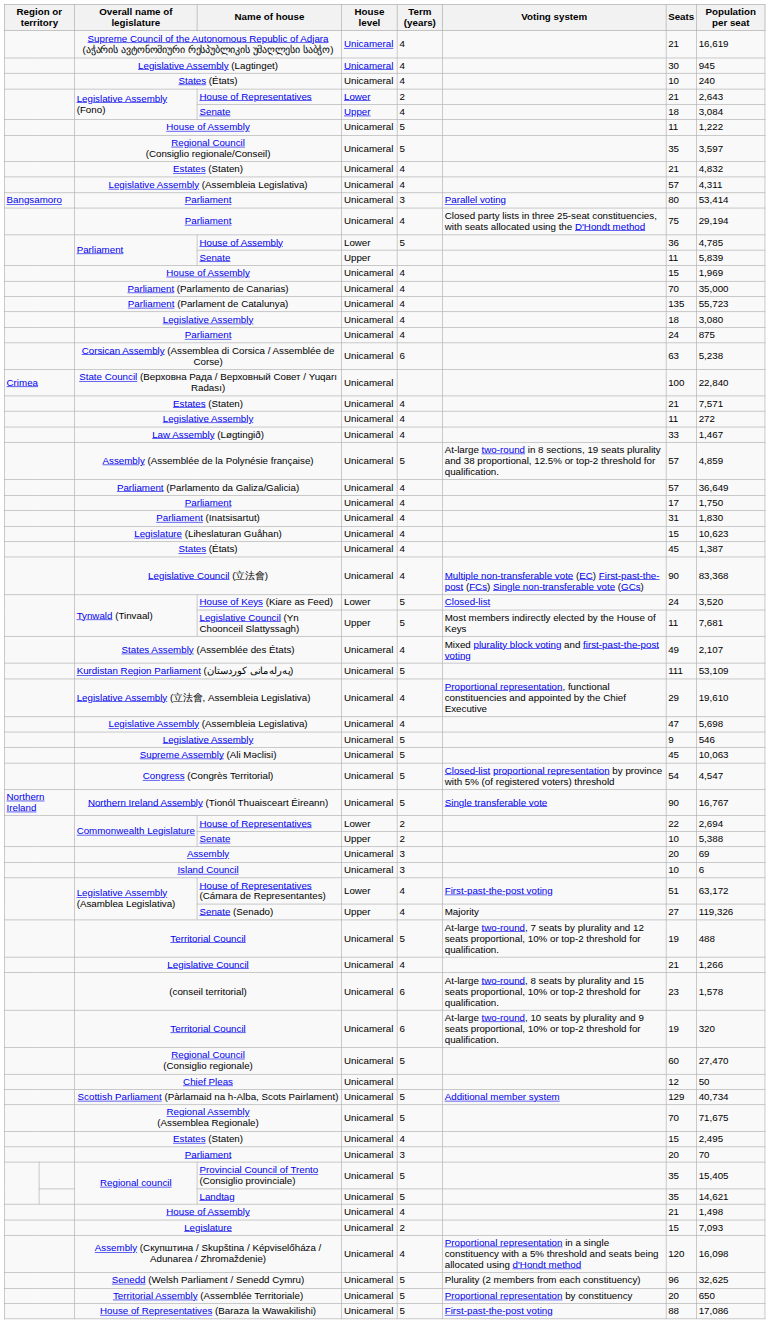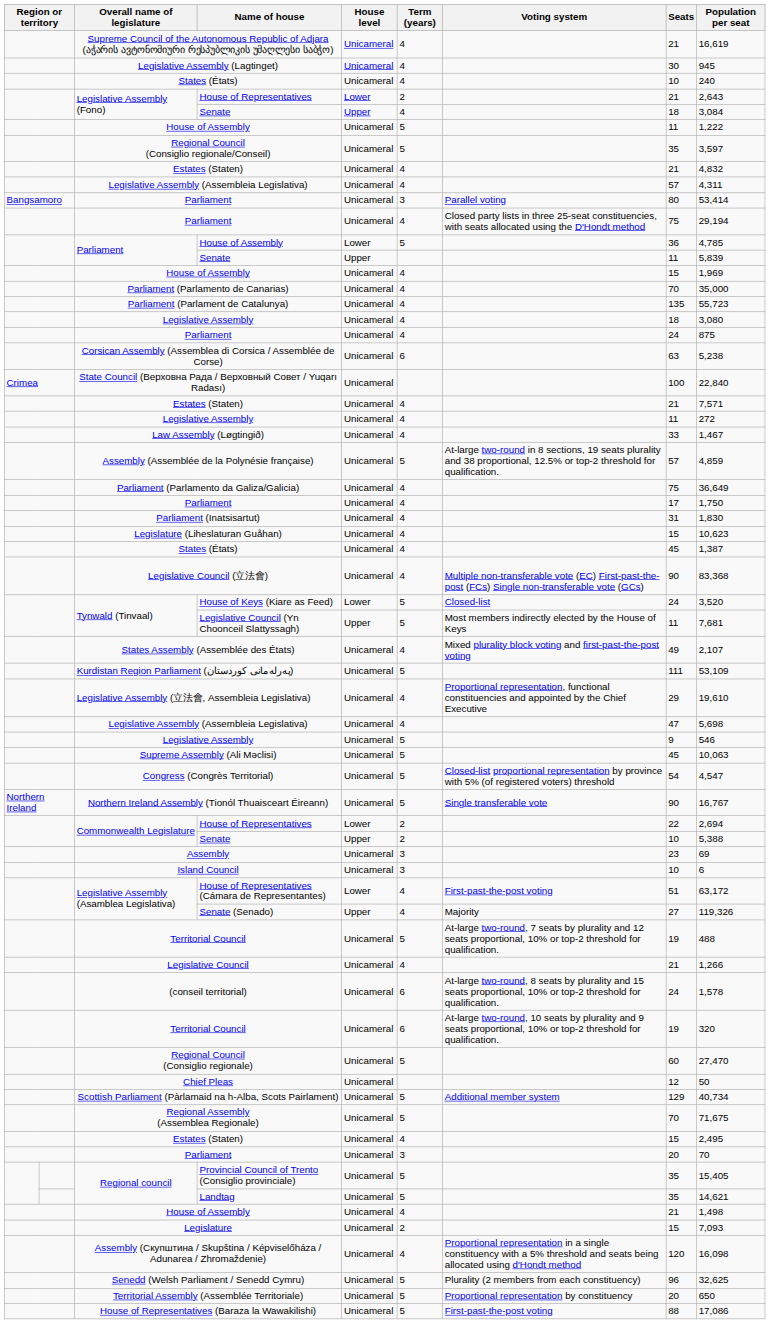 <table class="wikitable sortable sticky-header">
 <tr bgcolor="#cccccc">
 <th colspan="2">Region or territory</th>
 <th>Overall name of legislature</th>
 <th>Name of house</th>
 <th>House level</th>
 <th>Term (years)</th>
 <th>Voting system</th>
 <th>Seats</th>
 <th>Population per seat</th>
 </tr>
 <tr>
 <td colspan="2"></td>
 <td colspan="2" align="center"><a href='#'>Supreme Council of the Autonomous Republic of Adjara</a> (აჭარის ავტონომიური რესპუბლიკის უმაღლესი საბჭო)</td>
 <td><a href='#'>Unicameral</a></td>
 <td>4</td>
 <td></td>
 <td>21</td>
 <td>16,619</td>
 </tr>
 <tr>
 <td colspan="2"></td>
 <td colspan="2" align="center"><a href='#'>Legislative Assembly</a> (Lagtinget)</td>
 <td><a href='#'>Unicameral</a></td>
 <td>4</td>
 <td></td>
 <td>30</td>
 <td>945</td>
 </tr>
 <tr>
 <td colspan="2"></td>
 <td colspan="2" align="center"><a href='#'>States</a> (États)</td>
 <td>Unicameral</td>
 <td>4</td>
 <td></td>
 <td>10</td>
 <td>240</td>
 </tr>
 <tr>
 <td colspan="2" rowspan="2"></td>
 <td rowspan=2><a href='#'>Legislative Assembly</a> (Fono)</td>
 <td><a href='#'>House of Representatives</a></td>
 <td><a href='#'>Lower</a></td>
 <td>2</td>
 <td></td>
 <td>21</td>
 <td>2,643</td>
 </tr>
 <tr>
 <td><a href='#'>Senate</a></td>
 <td><a href='#'>Upper</a></td>
 <td>4</td>
 <td></td>
 <td>18</td>
 <td>3,084</td>
 </tr>
 <tr>
 <td colspan="2"></td>
 <td colspan="2" align="center"><a href='#'>House of Assembly</a></td>
 <td>Unicameral</td>
 <td>5</td>
 <td></td>
 <td>11</td>
 <td>1,222</td>
 </tr>
 <tr>
 <td colspan="2"></td>
 <td colspan="2" align="center"><a href='#'>Regional Council</a><br>(Consiglio regionale/Conseil)</td>
 <td>Unicameral</td>
 <td>5</td>
 <td></td>
 <td>35</td>
 <td>3,597</td>
 </tr>
 <tr>
 <td colspan="2"></td>
 <td colspan="2" align="center"><a href='#'>Estates</a> (Staten)</td>
 <td>Unicameral</td>
 <td>4</td>
 <td></td>
 <td>21</td>
 <td>4,832</td>
 </tr>
 <tr>
 <td colspan="2"></td>
 <td colspan="2" align="center"><a href='#'>Legislative Assembly</a> (Assembleia Legislativa)</td>
 <td>Unicameral</td>
 <td>4</td>
 <td></td>
 <td>57</td>
 <td>4,311</td>
 </tr>
 <tr>
 <td colspan="2"> <a href='#'>Bangsamoro</a></td>
 <td colspan="2" align="center"><a href='#'>Parliament</a></td>
 <td>Unicameral</td>
 <td>3</td>
 <td><a href='#'>Parallel voting</a></td>
 <td>80</td>
 <td>53,414</td>
 </tr>
 <tr>
 <td colspan="2"></td>
 <td colspan="2" align="center"><a href='#'>Parliament</a></td>
 <td>Unicameral</td>
 <td>4</td>
 <td>Closed party lists in three 25-seat constituencies, with seats allocated using the <a href='#'>D'Hondt method</a></td>
 <td>75</td>
 <td>29,194</td>
 </tr>
 <tr>
 <td colspan="2" rowspan="2"></td>
 <td rowspan=2><a href='#'>Parliament</a></td>
 <td><a href='#'>House of Assembly</a></td>
 <td>Lower</td>
 <td>5</td>
 <td></td>
 <td>36</td>
 <td>4,785</td>
 </tr>
 <tr>
 <td><a href='#'>Senate</a></td>
 <td>Upper</td>
 <td></td>
 <td></td>
 <td>11</td>
 <td>5,839</td>
 </tr>
 <tr>
 <td colspan="2"></td>
 <td colspan="2" align="center"><a href='#'>House of Assembly</a></td>
 <td>Unicameral</td>
 <td>4</td>
 <td></td>
 <td>15</td>
 <td>1,969</td>
 </tr>
 <tr>
 <td colspan="2"></td>
 <td colspan="2" align="center"><a href='#'>Parliament</a> (Parlamento de Canarias)</td>
 <td>Unicameral</td>
 <td>4</td>
 <td></td>
 <td>70</td>
 <td>35,000</td>
 </tr>
 <tr>
 <td colspan="2"></td>
 <td colspan="2" align="center"><a href='#'>Parliament</a> (Parlament de Catalunya)</td>
 <td>Unicameral</td>
 <td>4</td>
 <td></td>
 <td>135</td>
 <td>55,723</td>
 </tr>
 <tr>
 <td colspan="2"></td>
 <td colspan="2" align="center"><a href='#'>Legislative Assembly</a></td>
 <td>Unicameral</td>
 <td>4</td>
 <td></td>
 <td>18</td>
 <td>3,080</td>
 </tr>
 <tr>
 <td colspan="2"></td>
 <td colspan="2" align="center"><a href='#'>Parliament</a></td>
 <td>Unicameral</td>
 <td>4</td>
 <td></td>
 <td>24</td>
 <td>875</td>
 </tr>
 <tr>
 <td colspan="2"></td>
 <td colspan="2" align="center"><a href='#'>Corsican Assembly</a> (Assemblea di Corsica / Assemblée de Corse)</td>
 <td>Unicameral</td>
 <td>6</td>
 <td></td>
 <td>63</td>
 <td>5,238</td>
 </tr>
 <tr>
 <td colspan="2"> <a href='#'>Crimea</a></td>
 <td colspan="2" align="center"><a href='#'>State Council</a> (Верховна Рада / Верховный Совет / Yuqarı Radası)</td>
 <td>Unicameral</td>
 <td></td>
 <td></td>
 <td>100</td>
 <td>22,840</td>
 </tr>
 <tr>
 <td colspan="2"></td>
 <td colspan="2" align="center"><a href='#'>Estates</a> (Staten)</td>
 <td>Unicameral</td>
 <td>4</td>
 <td></td>
 <td>21</td>
 <td>7,571</td>
 </tr>
 <tr>
 <td colspan="2"></td>
 <td colspan="2" align="center"><a href='#'>Legislative Assembly</a></td>
 <td>Unicameral</td>
 <td>4</td>
 <td></td>
 <td>11</td>
 <td>272</td>
 </tr>
 <tr>
 <td colspan="2"></td>
 <td colspan="2" align="center"><a href='#'>Law Assembly</a> (Løgtingið)</td>
 <td>Unicameral</td>
 <td>4</td>
 <td></td>
 <td>33</td>
 <td>1,467</td>
 </tr>
 <tr>
 <td colspan="2"></td>
 <td colspan="2" align="center"><a href='#'>Assembly</a> (Assemblée de la Polynésie française)</td>
 <td>Unicameral</td>
 <td>5</td>
 <td>At-large <a href='#'>two-round</a> in 8 sections, 19 seats plurality and 38 proportional, 12.5% or top-2 threshold for qualification.</td>
 <td>57</td>
 <td>4,859</td>
 </tr>
 <tr>
 <td colspan="2"></td>
 <td colspan="2" align="center"><a href='#'>Parliament</a> (Parlamento da Galiza/Galicia)</td>
 <td>Unicameral</td>
 <td>4</td>
 <td></td>
-<td>57</td>
+<td>75</td>
 <td>36,649</td>
 </tr>
 <tr>
 <td colspan="2"></td>
 <td colspan="2" align="center"><a href='#'>Parliament</a></td>
 <td>Unicameral</td>
 <td>4</td>
 <td></td>
 <td>17</td>
 <td>1,750</td>
 </tr>
 <tr>
 <td colspan="2"></td>
 <td colspan="2" align="center"><a href='#'>Parliament</a> (Inatsisartut)</td>
 <td>Unicameral</td>
 <td>4</td>
 <td></td>
 <td>31</td>
 <td>1,830</td>
 </tr>
 <tr>
 <td colspan="2"></td>
 <td colspan="2" align="center"><a href='#'>Legislature</a> (Liheslaturan Guåhan)</td>
 <td>Unicameral</td>
 <td>4</td>
 <td></td>
 <td>15</td>
 <td>10,623</td>
 </tr>
 <tr>
 <td colspan="2"></td>
 <td colspan="2" align="center"><a href='#'>States</a> (États)</td>
 <td>Unicameral</td>
 <td>4</td>
 <td></td>
 <td>45</td>
 <td>1,387</td>
 </tr>
 <tr>
 <td colspan="2"></td>
 <td colspan="2" align="center"><a href='#'>Legislative Council</a> (立法會)</td>
 <td>Unicameral</td>
 <td>4</td>
 <td><br><a href='#'>Multiple non-transferable vote</a> (<a href='#'>EC</a>) <a href='#'>First-past-the-post</a> (<a href='#'>FCs</a>) <a href='#'>Single non-transferable vote</a> (<a href='#'>GCs</a>)</td>
 <td>90</td>
 <td>83,368</td>
 </tr>
 <tr>
 <td colspan="2" rowspan="2"></td>
 <td rowspan="2"><a href='#'>Tynwald</a> (Tinvaal)</td>
 <td><a href='#'>House of Keys</a> (Kiare as Feed)</td>
 <td>Lower</td>
 <td>5</td>
 <td><a href='#'>Closed-list</a></td>
 <td>24</td>
 <td>3,520</td>
 </tr>
 <tr>
 <td><a href='#'>Legislative Council</a> (Yn Choonceil Slattyssagh)</td>
 <td>Upper</td>
 <td>5</td>
 <td>Most members indirectly elected by the House of Keys</td>
 <td>11</td>
 <td>7,681</td>
 </tr>
 <tr>
 <td colspan="2"></td>
 <td colspan="2" align="center"><a href='#'>States Assembly</a> (Assemblée des États)</td>
 <td>Unicameral</td>
 <td>4</td>
 <td>Mixed <a href='#'>plurality block voting</a> and <a href='#'>first-past-the-post voting</a></td>
 <td>49</td>
 <td>2,107</td>
 </tr>
 <tr>
 <td colspan="2"></td>
 <td colspan="2"><a href='#'>Kurdistan Region Parliament</a> (پەرلەمانی کوردستان)</td>
 <td>Unicameral</td>
 <td>5</td>
 <td></td>
 <td>111</td>
 <td>53,109</td>
 </tr>
 <tr>
 <td colspan="2"></td>
 <td colspan="2"><a href='#'>Legislative Assembly</a> (立法會, Assembleia Legislativa)</td>
 <td>Unicameral</td>
 <td>4</td>
 <td><a href='#'>Proportional representation</a>, functional constituencies and appointed by the Chief Executive</td>
 <td>29</td>
 <td>19,610</td>
 </tr>
 <tr>
 <td colspan="2"></td>
 <td colspan="2" align="center"><a href='#'>Legislative Assembly</a> (Assembleia Legislativa)</td>
 <td>Unicameral</td>
 <td>4</td>
 <td></td>
 <td>47</td>
 <td>5,698</td>
 </tr>
 <tr>
 <td colspan="2"></td>
 <td colspan="2" align="center"><a href='#'>Legislative Assembly</a></td>
 <td>Unicameral</td>
 <td>5</td>
 <td></td>
 <td>9</td>
 <td>546</td>
 </tr>
 <tr>
 <td colspan="2"></td>
 <td colspan="2" align="center"><a href='#'>Supreme Assembly</a> (Ali Məclisi)</td>
 <td>Unicameral</td>
 <td>5</td>
 <td></td>
 <td>45</td>
 <td>10,063</td>
 </tr>
 <tr>
 <td colspan="2"></td>
 <td colspan="2" align="center"><a href='#'>Congress</a> (Congrès Territorial)</td>
 <td>Unicameral</td>
 <td>5</td>
 <td><a href='#'>Closed-list</a> <a href='#'>proportional representation</a> by province with 5% (of registered voters) threshold</td>
 <td>54</td>
 <td>4,547</td>
 </tr>
 <tr>
 <td colspan="2"> <a href='#'>Northern Ireland</a></td>
 <td colspan="2" align="center"><a href='#'>Northern Ireland Assembly</a> (Tionól Thuaisceart Éireann)</td>
 <td>Unicameral</td>
 <td>5</td>
 <td><a href='#'>Single transferable vote</a></td>
 <td>90</td>
 <td>16,767</td>
 </tr>
 <tr>
 <td colspan="2" rowspan="2"></td>
 <td rowspan=2><a href='#'>Commonwealth Legislature</a></td>
 <td><a href='#'>House of Representatives</a></td>
 <td>Lower</td>
 <td>2</td>
 <td></td>
 <td>22</td>
 <td>2,694</td>
 </tr>
 <tr>
 <td><a href='#'>Senate</a></td>
 <td>Upper</td>
 <td>2</td>
 <td></td>
 <td>10</td>
 <td>5,388</td>
 </tr>
 <tr>
 <td colspan="2"></td>
 <td colspan="2" align="center"><a href='#'>Assembly</a></td>
 <td>Unicameral</td>
 <td>3</td>
 <td></td>
-<td>20</td>
+<td>23</td>
 <td>69</td>
 </tr>
 <tr>
 <td colspan="2"></td>
 <td colspan="2" align="center"><a href='#'>Island Council</a></td>
 <td>Unicameral</td>
 <td>3</td>
 <td></td>
 <td>10</td>
 <td>6</td>
 </tr>
 <tr>
 <td colspan="2" rowspan="2"></td>
 <td rowspan=2><a href='#'>Legislative Assembly</a> (Asamblea Legislativa)</td>
 <td><a href='#'>House of Representatives</a> (Cámara de Representantes)</td>
 <td>Lower</td>
 <td>4</td>
 <td><a href='#'>First-past-the-post voting</a></td>
 <td>51</td>
 <td>63,172</td>
 </tr>
 <tr>
 <td><a href='#'>Senate</a> (Senado)</td>
 <td>Upper</td>
 <td>4</td>
 <td>Majority</td>
 <td>27</td>
 <td>119,326</td>
 </tr>
 <tr>
 <td colspan="2"></td>
 <td colspan="2" align="center"><a href='#'>Territorial Council</a></td>
 <td>Unicameral</td>
 <td>5</td>
 <td>At-large <a href='#'>two-round</a>, 7 seats by plurality and 12 seats proportional, 10% or top-2 threshold for qualification.</td>
 <td>19</td>
 <td>488</td>
 </tr>
 <tr>
 <td colspan="2"></td>
 <td colspan="2" align="center"><a href='#'>Legislative Council</a></td>
 <td>Unicameral</td>
 <td>4</td>
 <td></td>
 <td>21</td>
 <td>1,266</td>
 </tr>
 <tr>
 <td colspan="2"></td>
 <td colspan="2" align="center"> (conseil territorial)</td>
 <td>Unicameral</td>
 <td>6</td>
 <td>At-large <a href='#'>two-round</a>, 8 seats by plurality and 15 seats proportional, 10% or top-2 threshold for qualification.</td>
-<td>23</td>
+<td>24</td>
 <td>1,578</td>
 </tr>
 <tr>
 <td colspan="2"></td>
 <td colspan="2" align="center"><a href='#'>Territorial Council</a></td>
 <td>Unicameral</td>
 <td>6</td>
 <td>At-large <a href='#'>two-round</a>, 10 seats by plurality and 9 seats proportional, 10% or top-2 threshold for qualification.</td>
 <td>19</td>
 <td>320</td>
 </tr>
 <tr>
 <td colspan="2"></td>
 <td colspan="2" align="center"><a href='#'>Regional Council</a><br>(Consiglio regionale)</td>
 <td>Unicameral</td>
 <td>5</td>
 <td></td>
 <td>60</td>
 <td>27,470</td>
 </tr>
 <tr>
 <td colspan="2"></td>
 <td colspan="2" align="center"><a href='#'>Chief Pleas</a></td>
 <td>Unicameral</td>
 <td></td>
 <td></td>
 <td>12</td>
 <td>50</td>
 </tr>
 <tr>
 <td colspan="2"></td>
 <td colspan="2" align="center"><a href='#'>Scottish Parliament</a> (Pàrlamaid na h-Alba, Scots Pairlament)</td>
 <td>Unicameral</td>
 <td>5</td>
 <td><a href='#'>Additional member system</a></td>
 <td>129</td>
 <td>40,734</td>
 </tr>
 <tr>
 <td colspan="2"></td>
 <td colspan="2" align="center"><a href='#'>Regional Assembly</a><br>(Assemblea Regionale)</td>
 <td>Unicameral</td>
 <td>5</td>
 <td></td>
 <td>70</td>
 <td>71,675</td>
 </tr>
 <tr>
 <td colspan="2"></td>
 <td colspan="2" align="center"><a href='#'>Estates</a> (Staten)</td>
 <td>Unicameral</td>
 <td>4</td>
 <td></td>
 <td>15</td>
 <td>2,495</td>
 </tr>
 <tr>
 <td colspan="2"></td>
 <td colspan="2" align="center"><a href='#'>Parliament</a></td>
 <td>Unicameral</td>
 <td>3</td>
 <td></td>
 <td>20</td>
 <td>70</td>
 </tr>
 <tr>
 <td rowspan="2"></td>
 <td></td>
 <td rowspan="2" align="center"><a href='#'>Regional council</a></td>
 <td><a href='#'>Provincial Council of Trento</a> <br>(Consiglio provinciale)</td>
 <td>Unicameral</td>
 <td>5</td>
 <td></td>
 <td>35</td>
 <td>15,405</td>
 </tr>
 <tr>
 <td></td>
 <td><a href='#'>Landtag</a></td>
 <td>Unicameral</td>
 <td>5</td>
 <td></td>
 <td>35</td>
 <td>14,621</td>
 </tr>
 <tr>
 <td colspan="2"></td>
 <td colspan="2" align="center"><a href='#'>House of Assembly</a></td>
 <td>Unicameral</td>
 <td>4</td>
 <td></td>
 <td>21</td>
 <td>1,498</td>
 </tr>
 <tr>
 <td colspan="2"></td>
 <td colspan="2" align="center"><a href='#'>Legislature</a></td>
 <td>Unicameral</td>
 <td>2</td>
 <td></td>
 <td>15</td>
 <td>7,093</td>
 </tr>
 <tr>
 <td colspan="2"></td>
 <td colspan="2" align="center"><a href='#'>Assembly</a> (Скупштина / Skupština / Képviselőháza / Adunarea / Zhromaždenie)</td>
 <td>Unicameral</td>
 <td>4</td>
 <td><a href='#'>Proportional representation</a> in a single constituency with a 5% threshold and seats being allocated using <a href='#'>d'Hondt method</a></td>
 <td>120</td>
 <td>16,098</td>
 </tr>
 <tr>
 <td colspan="2"></td>
 <td colspan="2" align="center"><a href='#'>Senedd</a> (Welsh Parliament / Senedd Cymru)</td>
 <td>Unicameral</td>
 <td>5</td>
 <td>Plurality (2 members from each constituency)</td>
 <td>96</td>
 <td>32,625</td>
 </tr>
 <tr>
 <td colspan="2"></td>
 <td colspan="2" align="center"><a href='#'>Territorial Assembly</a> (Assemblée Territoriale)</td>
 <td>Unicameral</td>
 <td>5</td>
 <td><a href='#'>Proportional representation</a> by constituency</td>
 <td>20</td>
 <td>650</td>
 </tr>
 <tr>
 <td colspan="2"></td>
 <td colspan="2" align="center"><a href='#'>House of Representatives</a> (Baraza la Wawakilishi)</td>
 <td>Unicameral</td>
 <td>5</td>
 <td><a href='#'>First-past-the-post voting</a></td>
 <td>88</td>
 <td>17,086</td>
 </tr>
 </table>
